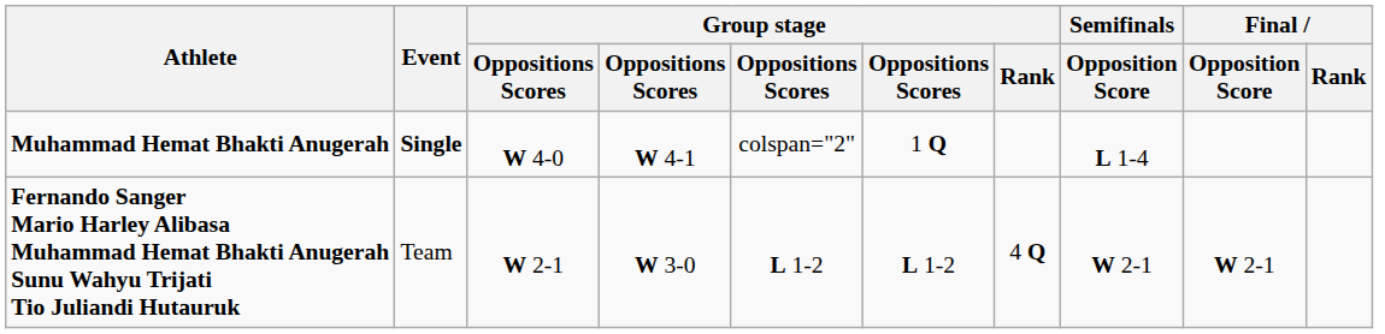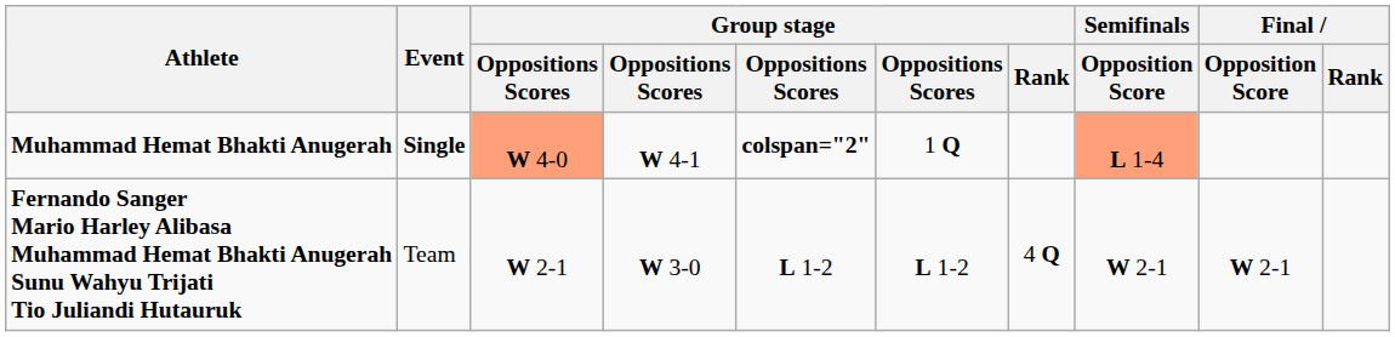 <table class="wikitable" style="font-size:85%; text-align:center">
 <tr>
 <th rowspan=2>Athlete</th>
 <th rowspan=2>Event</th>
 <th colspan=5>Group stage</th>
 <th>Semifinals</th>
 <th colspan=2>Final / </th>
 </tr>
 <tr>
 <th>Oppositions<br>Scores</th>
 <th>Oppositions<br>Scores</th>
 <th>Oppositions<br>Scores</th>
 <th>Oppositions<br>Scores</th>
 <th>Rank</th>
 <th>Opposition<br>Score</th>
 <th>Opposition<br>Score</th>
 <th>Rank</th>
 </tr>
 <tr>
 <td align="left"><strong>Muhammad Hemat Bhakti Anugerah</strong></td>
 <td align="left"><strong>Single</strong></td>
-<td><br><strong>W</strong> 4-0</td>
+<td style="background: lightsalmon;"><br><strong>W</strong> 4-0</td>
 <td><br><strong>W</strong> 4-1</td>
-<td>colspan="2"</td>
+<td><strong>colspan="2"</strong></td>
 <td>1 <strong>Q</strong></td>
 <td></td>
-<td> <br><strong>L</strong> 1-4</td>
+<td style="background: lightsalmon;"> <br><strong>L</strong> 1-4</td>
 <td></td>
 </tr>
 <tr>
 <td align="left"><strong>Fernando Sanger<br>Mario Harley Alibasa<br>Muhammad Hemat Bhakti Anugerah<br>Sunu Wahyu Trijati<br>Tio Juliandi Hutauruk</strong></td>
 <td align="left">Team</td>
 <td><br><strong>W</strong> 2-1</td>
 <td><br><strong>W</strong> 3-0</td>
 <td><br><strong>L</strong> 1-2</td>
 <td><br><strong>L</strong> 1-2</td>
 <td>4 <strong>Q</strong></td>
 <td><br><strong>W</strong> 2-1</td>
 <td><br><strong>W</strong> 2-1</td>
 <td></td>
 </tr>
 </table>
